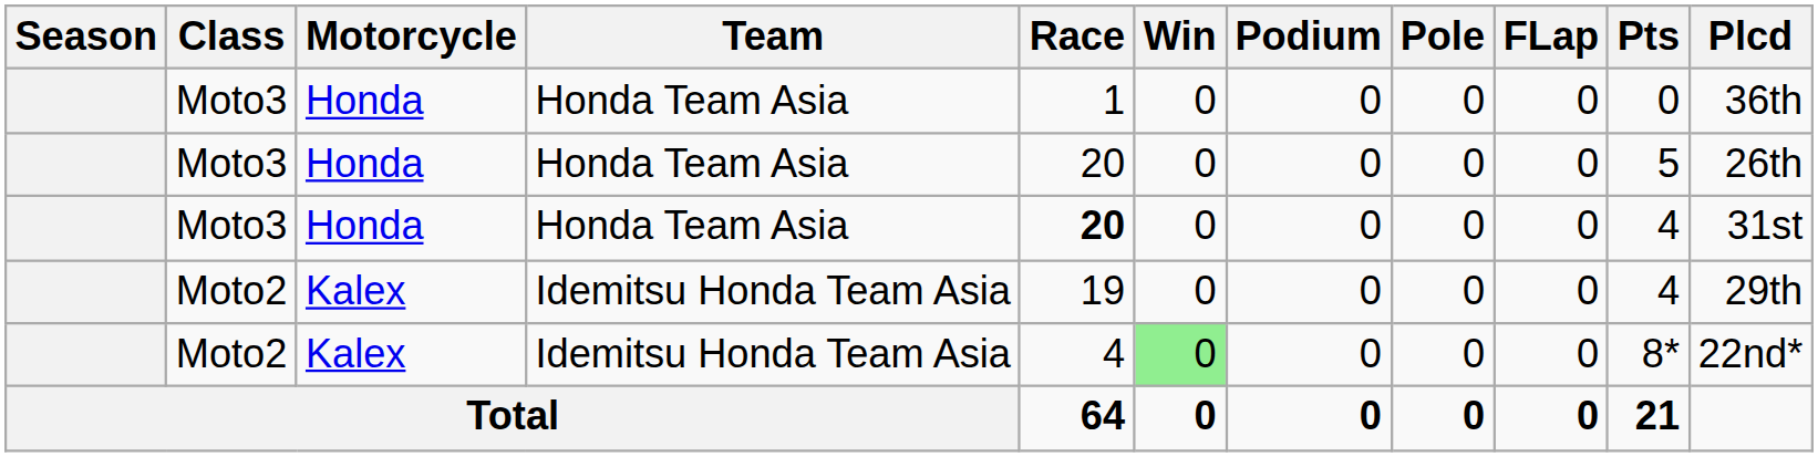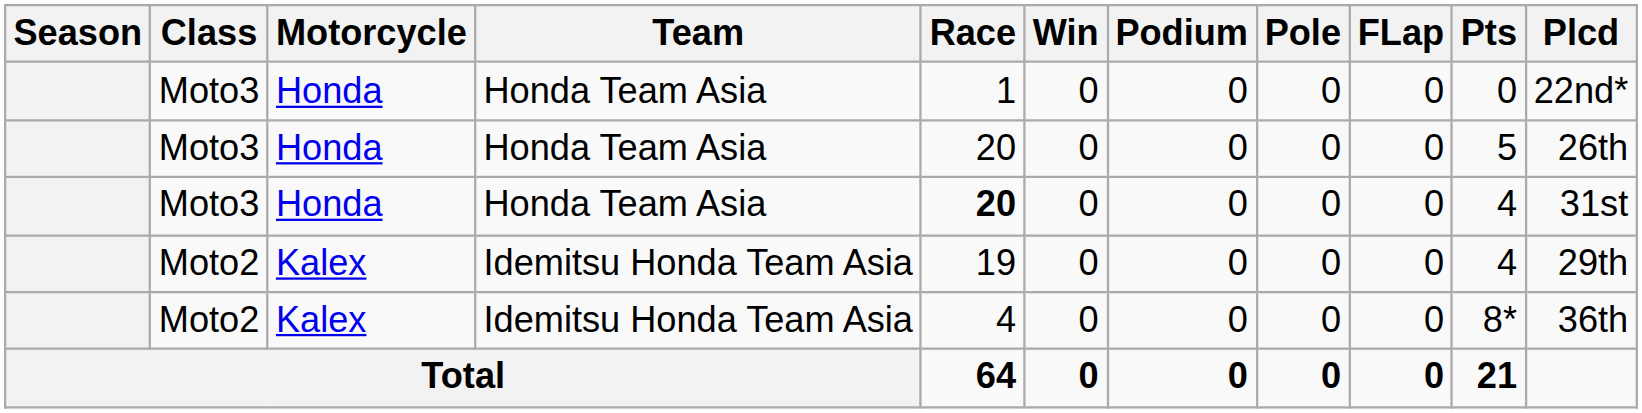 <table class="wikitable" style="text-align:right;">
 <tr>
 <th>Season</th>
 <th>Class</th>
 <th>Motorcycle</th>
 <th>Team</th>
 <th>Race</th>
 <th>Win</th>
 <th>Podium</th>
 <th>Pole</th>
 <th>FLap</th>
 <th>Pts</th>
 <th>Plcd</th>
 </tr>
 <tr>
 <th></th>
 <td>Moto3</td>
 <td style="text-align:left;"><a href='#'>Honda</a></td>
 <td style="text-align:left;">Honda Team Asia</td>
 <td>1</td>
 <td>0</td>
 <td>0</td>
 <td>0</td>
 <td>0</td>
 <td>0</td>
-<td>36th</td>
+<td>22nd*</td>
 </tr>
 <tr>
 <th></th>
 <td>Moto3</td>
 <td style="text-align:left;"><a href='#'>Honda</a></td>
 <td style="text-align:left;">Honda Team Asia</td>
 <td>20</td>
 <td>0</td>
 <td>0</td>
 <td>0</td>
 <td>0</td>
 <td>5</td>
 <td>26th</td>
 </tr>
 <tr>
 <th></th>
 <td>Moto3</td>
 <td style="text-align:left;"><a href='#'>Honda</a></td>
 <td style="text-align:left;">Honda Team Asia</td>
 <td><strong>20</strong></td>
 <td>0</td>
 <td>0</td>
 <td>0</td>
 <td>0</td>
 <td>4</td>
 <td>31st</td>
 </tr>
 <tr>
 <th></th>
 <td>Moto2</td>
 <td style="text-align:left;"><a href='#'>Kalex</a></td>
 <td style="text-align:left;">Idemitsu Honda Team Asia</td>
 <td>19</td>
 <td>0</td>
 <td>0</td>
 <td>0</td>
 <td>0</td>
 <td>4</td>
 <td>29th</td>
 </tr>
 <tr>
 <th></th>
 <td>Moto2</td>
 <td style="text-align:left;"><a href='#'>Kalex</a></td>
 <td style="text-align:left;">Idemitsu Honda Team Asia</td>
 <td>4</td>
-<td style="background: lightgreen;">0</td>
+<td>0</td>
 <td>0</td>
 <td>0</td>
 <td>0</td>
 <td>8*</td>
-<td>22nd*</td>
+<td>36th</td>
 </tr>
 <tr>
 <th colspan="4">Total</th>
 <td><strong>64</strong></td>
 <td><strong>0</strong></td>
 <td><strong>0</strong></td>
 <td><strong>0</strong></td>
 <td><strong>0</strong></td>
 <td><strong>21</strong></td>
 <td></td>
 </tr>
 </table>
